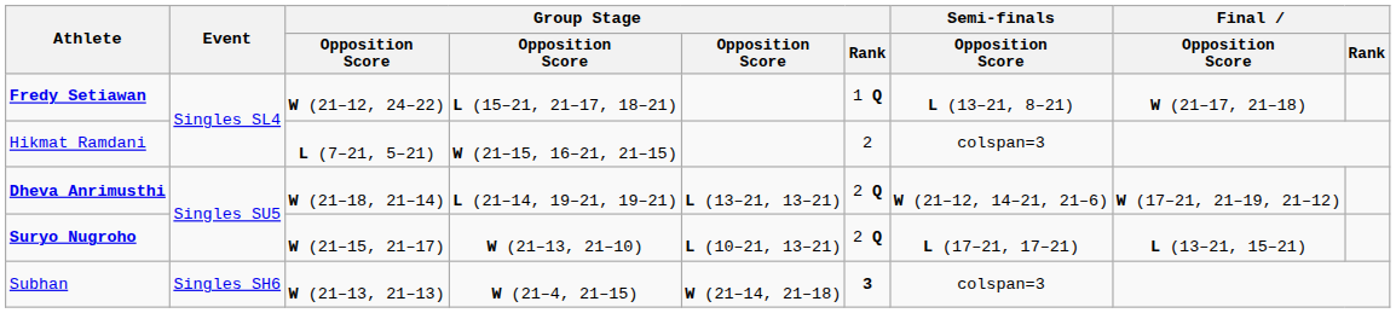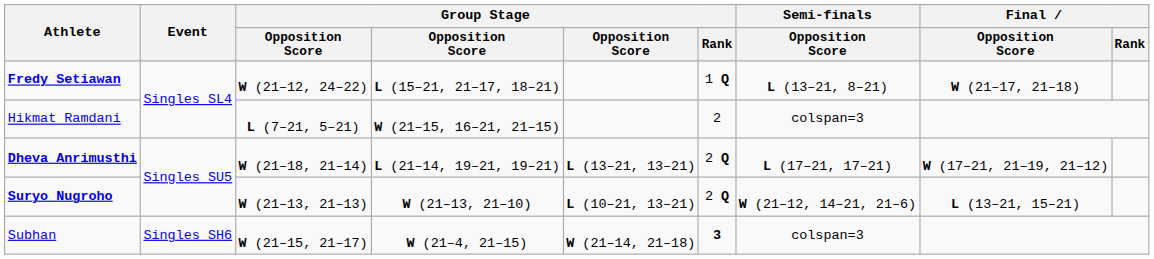 <table class="wikitable" style="font-size:90%; text-align:center">
 <tr>
 <th rowspan=2>Athlete</th>
 <th rowspan=2>Event</th>
 <th colspan=4>Group Stage</th>
 <th>Semi-finals</th>
 <th colspan=2>Final / </th>
 </tr>
 <tr style="font-size:95%">
 <th>Opposition<br>Score</th>
 <th>Opposition<br>Score</th>
 <th>Opposition<br>Score</th>
 <th>Rank</th>
 <th>Opposition<br>Score</th>
 <th>Opposition<br>Score</th>
 <th>Rank</th>
 </tr>
 <tr>
 <td align=left><strong><a href='#'>Fredy Setiawan</a></strong></td>
 <td align=left rowspan=2><a href='#'>Singles SL4</a></td>
 <td><br><strong>W</strong> (21–12, 24–22)</td>
 <td><br><strong>L</strong> (15–21, 21–17, 18–21)</td>
 <td></td>
 <td>1 <strong>Q</strong></td>
 <td><br><strong>L</strong> (13–21, 8–21)</td>
 <td><br><strong>W</strong> (21–17, 21–18)</td>
 <td></td>
 </tr>
 <tr>
 <td align=left><a href='#'>Hikmat Ramdani</a></td>
 <td><br><strong>L</strong> (7–21, 5–21)</td>
 <td><br><strong>W</strong> (21–15, 16–21, 21–15)</td>
 <td></td>
 <td>2</td>
 <td>colspan=3 </td>
 </tr>
 <tr>
 <td align=left><strong><a href='#'>Dheva Anrimusthi</a></strong></td>
 <td align=left rowspan=2><a href='#'>Singles SU5</a></td>
 <td><br><strong>W</strong> (21–18, 21–14)</td>
 <td><br><strong>L</strong> (21–14, 19–21, 19–21)</td>
 <td><br><strong>L</strong> (13–21, 13–21)</td>
 <td>2 <strong>Q</strong></td>
-<td><br><strong>W</strong> (21–12, 14–21, 21–6)</td>
+<td><br><strong>L</strong> (17–21, 17–21)</td>
 <td><br><strong>W</strong> (17–21, 21–19, 21–12)</td>
 <td></td>
 </tr>
 <tr>
 <td align=left><strong><a href='#'>Suryo Nugroho</a></strong></td>
-<td><br><strong>W</strong> (21–15, 21–17)</td>
+<td><br><strong>W</strong> (21–13, 21–13)</td>
 <td><br><strong>W</strong> (21–13, 21–10)</td>
 <td><br><strong>L</strong> (10–21, 13–21)</td>
 <td>2 <strong>Q</strong></td>
-<td><br><strong>L</strong> (17–21, 17–21)</td>
+<td><br><strong>W</strong> (21–12, 14–21, 21–6)</td>
 <td><br><strong>L</strong> (13–21, 15–21)</td>
 <td></td>
 </tr>
 <tr>
 <td align=left><a href='#'>Subhan</a></td>
 <td align=left><a href='#'>Singles SH6</a></td>
-<td><br><strong>W</strong> (21–13, 21–13)</td>
+<td><br><strong>W</strong> (21–15, 21–17)</td>
 <td><br><strong>W</strong> (21–4, 21–15)</td>
 <td><br><strong>W</strong> (21–14, 21–18)</td>
 <td><strong>3</strong></td>
 <td>colspan=3 </td>
 </tr>
 </table>
